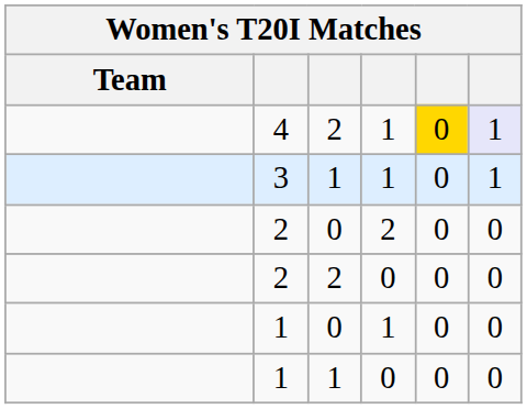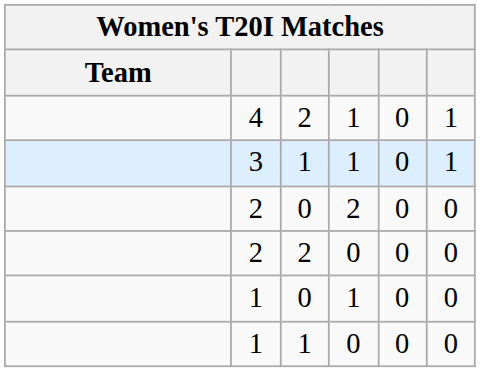 <table class="wikitable" style="text-align:center">
 <tr>
 <th colspan=6>Women's T20I Matches</th>
 </tr>
 <tr>
 <th width=120>Team</th>
 <th width=20></th>
 <th width=20></th>
 <th width=20></th>
 <th width=20></th>
 <th width=20></th>
 </tr>
 <tr>
 <td align="left"></td>
 <td>4</td>
 <td>2</td>
 <td>1</td>
-<td style="background: gold;">0</td>
-<td style="background: lavender;">1</td>
+<td>0</td>
+<td>1</td>
 </tr>
 <tr bgcolor="#ddeeff">
 <td align="left"></td>
 <td>3</td>
 <td>1</td>
 <td>1</td>
 <td>0</td>
 <td>1</td>
 </tr>
 <tr>
 <td align="left"></td>
 <td>2</td>
 <td>0</td>
 <td>2</td>
 <td>0</td>
 <td>0</td>
 </tr>
 <tr>
 <td align="left"></td>
 <td>2</td>
 <td>2</td>
 <td>0</td>
 <td>0</td>
 <td>0</td>
 </tr>
 <tr>
 <td align="left"></td>
 <td>1</td>
 <td>0</td>
 <td>1</td>
 <td>0</td>
 <td>0</td>
 </tr>
 <tr>
 <td align="left"></td>
 <td>1</td>
 <td>1</td>
 <td>0</td>
 <td>0</td>
 <td>0</td>
 </tr>
 </table>
